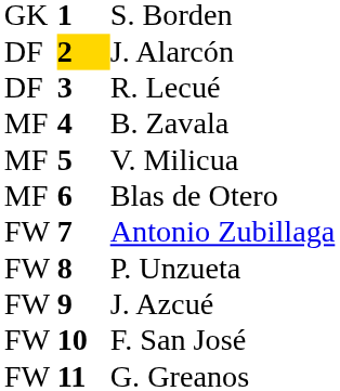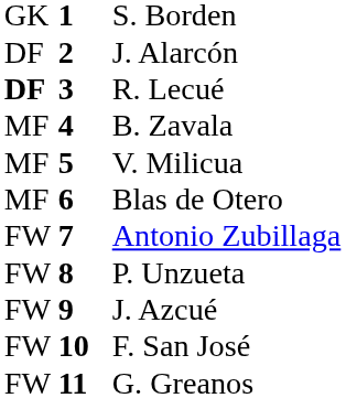 <table style="font-size:90%; margin:0.2em auto;" cellspacing="0" cellpadding="0">
 <tr>
 <th width="25"></th>
 <th width="25"></th>
 </tr>
 <tr>
 <td>GK</td>
 <td><strong>1</strong></td>
 <td> S. Borden</td>
 </tr>
 <tr>
 <td>DF</td>
-<td style="background: gold;"><strong>2</strong></td>
+<td><strong>2</strong></td>
 <td> J. Alarcón</td>
 </tr>
 <tr>
-<td>DF</td>
+<td><strong>DF</strong></td>
 <td><strong>3</strong></td>
 <td> R. Lecué</td>
 </tr>
 <tr>
 <td>MF</td>
 <td><strong>4</strong></td>
 <td> B. Zavala</td>
 </tr>
 <tr>
 <td>MF</td>
 <td><strong>5</strong></td>
 <td> V. Milicua</td>
 </tr>
 <tr>
 <td>MF</td>
 <td><strong>6</strong></td>
 <td> Blas de Otero</td>
 </tr>
 <tr>
 <td>FW</td>
 <td><strong>7</strong></td>
 <td> <a href='#'>Antonio Zubillaga</a></td>
 </tr>
 <tr>
 <td>FW</td>
 <td><strong>8</strong></td>
 <td> P. Unzueta</td>
 </tr>
 <tr>
 <td>FW</td>
 <td><strong>9</strong></td>
 <td> J. Azcué</td>
 </tr>
 <tr>
 <td>FW</td>
 <td><strong>10</strong></td>
 <td> F. San José</td>
 </tr>
 <tr>
 <td>FW</td>
 <td><strong>11</strong></td>
 <td> G. Greanos</td>
 </tr>
 <tr>
 </tr>
 </table>
